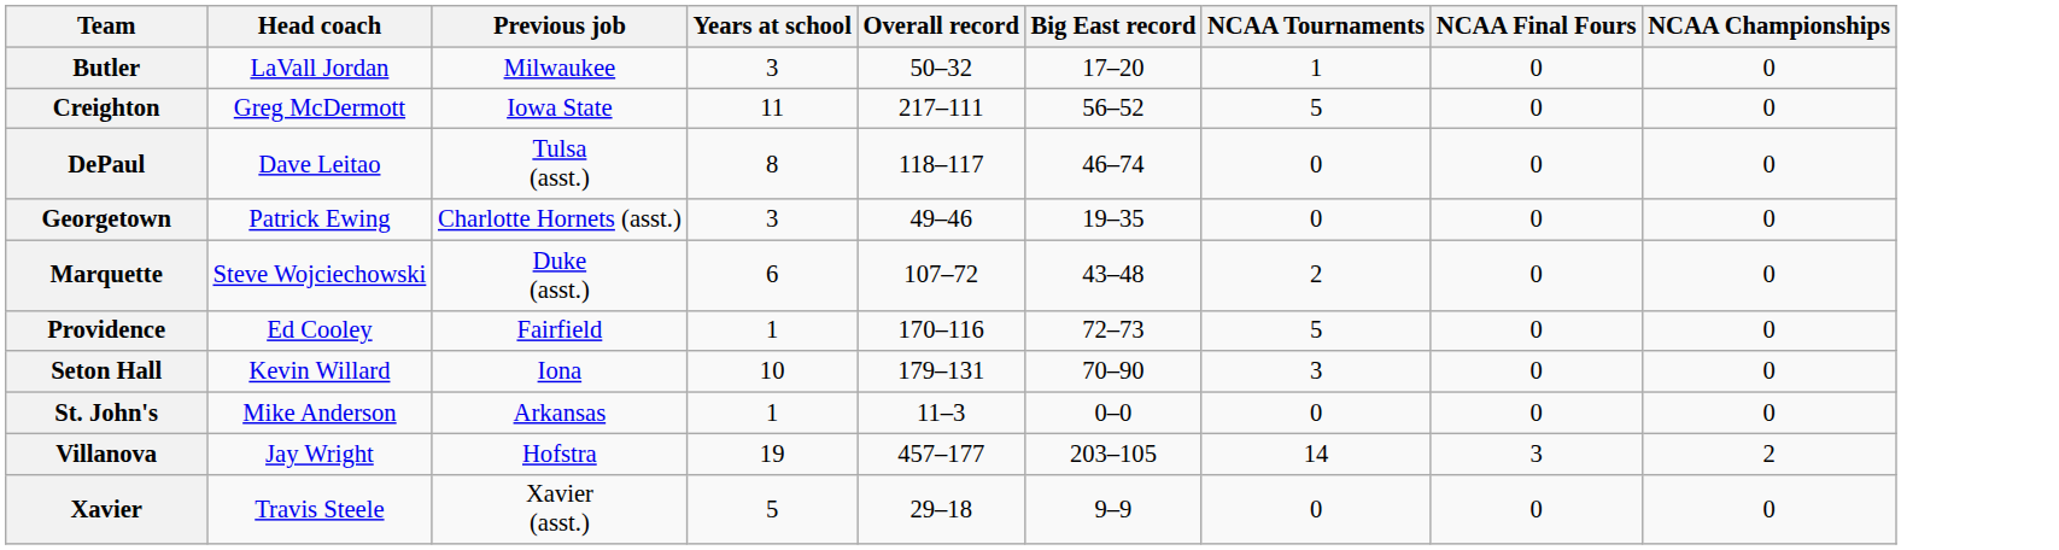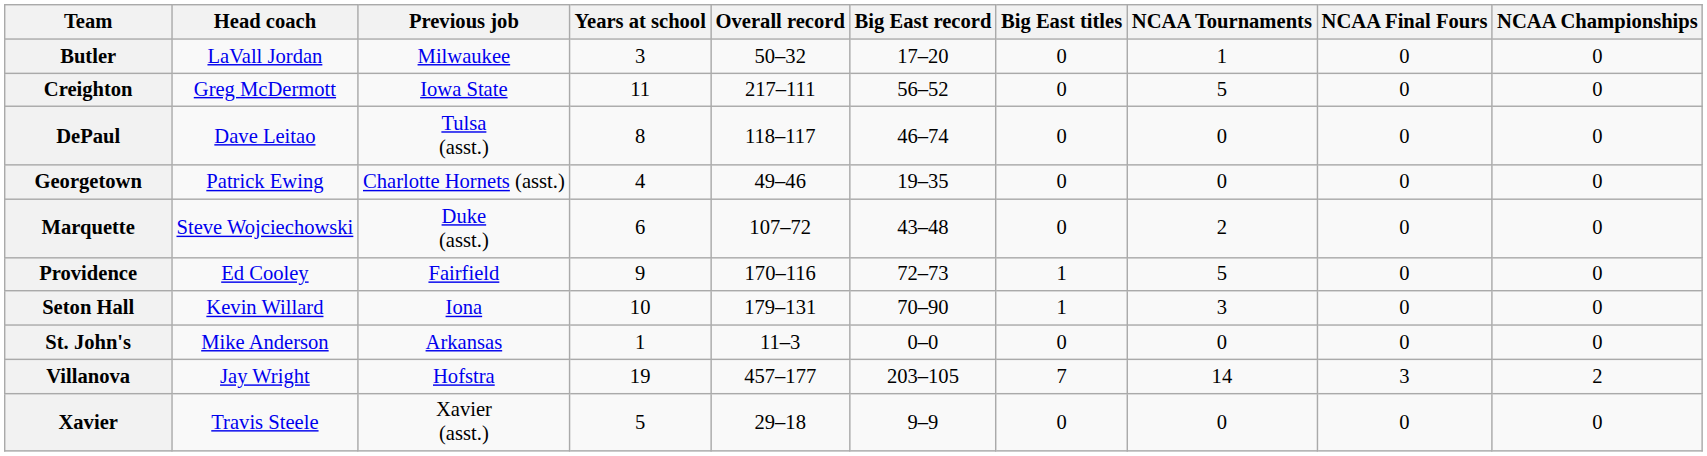 <table class="wikitable sortable" style="text-align: center;font-size:90%;">
 <tr>
 <th width="110">Team</th>
 <th>Head coach</th>
 <th>Previous job</th>
 <th>Years at school</th>
 <th>Overall record</th>
 <th>Big East record</th>
+<th>Big East titles</th>
 <th>NCAA Tournaments</th>
 <th>NCAA Final Fours</th>
 <th>NCAA Championships</th>
 </tr>
 <tr>
 <th>Butler</th>
 <td><a href='#'>LaVall Jordan</a></td>
 <td><a href='#'>Milwaukee</a></td>
 <td>3</td>
 <td>50–32</td>
 <td>17–20</td>
+<td>0</td>
 <td>1</td>
 <td>0</td>
 <td>0</td>
 </tr>
 <tr>
 <th style=>Creighton</th>
 <td><a href='#'>Greg McDermott</a></td>
 <td><a href='#'>Iowa State</a></td>
 <td>11</td>
 <td>217–111</td>
 <td>56–52</td>
+<td>0</td>
 <td>5</td>
 <td>0</td>
 <td>0</td>
 </tr>
 <tr>
 <th style=>DePaul</th>
 <td><a href='#'>Dave Leitao</a></td>
 <td><a href='#'>Tulsa</a><br>(asst.)</td>
 <td>8</td>
 <td>118–117</td>
 <td>46–74</td>
 <td>0</td>
 <td>0</td>
 <td>0</td>
+<td>0</td>
 </tr>
 <tr>
 <th style=>Georgetown</th>
 <td><a href='#'>Patrick Ewing</a></td>
 <td><a href='#'>Charlotte Hornets</a> (asst.)</td>
-<td>3</td>
+<td>4</td>
 <td>49–46</td>
 <td>19–35</td>
+<td>0</td>
 <td>0</td>
 <td>0</td>
 <td>0</td>
 </tr>
 <tr>
 <th style=>Marquette</th>
 <td><a href='#'>Steve Wojciechowski</a></td>
 <td><a href='#'>Duke</a><br>(asst.)</td>
 <td>6</td>
 <td>107–72</td>
 <td>43–48</td>
+<td>0</td>
 <td>2</td>
 <td>0</td>
 <td>0</td>
 </tr>
 <tr>
 <th style=>Providence</th>
 <td><a href='#'>Ed Cooley</a></td>
 <td><a href='#'>Fairfield</a></td>
-<td>1</td>
+<td>9</td>
 <td>170–116</td>
 <td>72–73</td>
+<td>1</td>
 <td>5</td>
 <td>0</td>
 <td>0</td>
 </tr>
 <tr>
 <th style=>Seton Hall</th>
 <td><a href='#'>Kevin Willard</a></td>
 <td><a href='#'>Iona</a></td>
 <td>10</td>
 <td>179–131</td>
 <td>70–90</td>
+<td>1</td>
 <td>3</td>
 <td>0</td>
 <td>0</td>
 </tr>
 <tr>
 <th>St. John's</th>
 <td><a href='#'>Mike Anderson</a></td>
 <td><a href='#'>Arkansas</a></td>
 <td>1</td>
 <td>11–3</td>
 <td>0–0</td>
 <td>0</td>
 <td>0</td>
 <td>0</td>
+<td>0</td>
 </tr>
 <tr>
 <th>Villanova</th>
 <td><a href='#'>Jay Wright</a></td>
 <td><a href='#'>Hofstra</a></td>
 <td>19</td>
 <td>457–177</td>
 <td>203–105</td>
+<td>7</td>
 <td>14</td>
 <td>3</td>
 <td>2</td>
 </tr>
 <tr>
 <th>Xavier</th>
 <td><a href='#'>Travis Steele</a></td>
 <td>Xavier<br>(asst.)</td>
 <td>5</td>
 <td>29–18</td>
 <td>9–9</td>
 <td>0</td>
 <td>0</td>
 <td>0</td>
+<td>0</td>
 </tr>
 </table>
